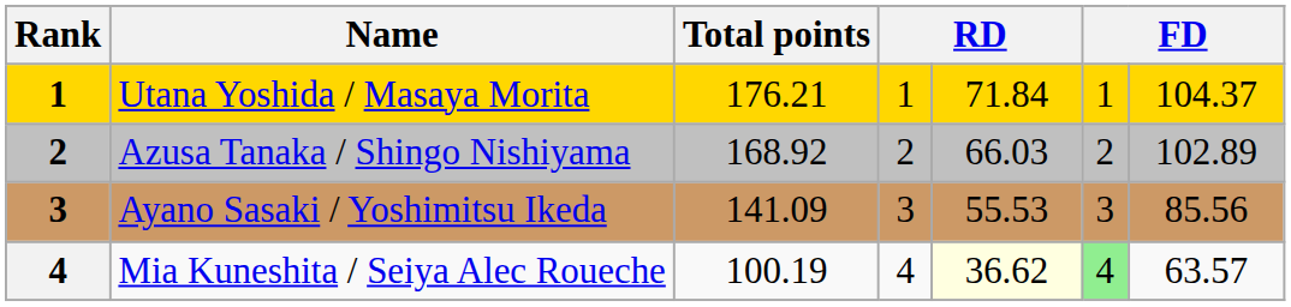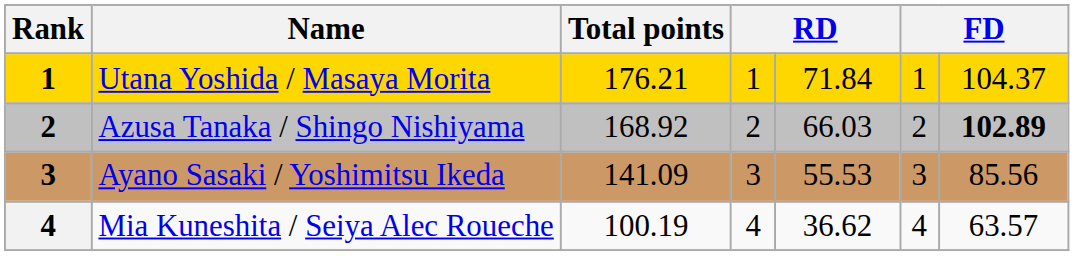 <table class="wikitable sortable">
 <tr>
 <th>Rank</th>
 <th>Name</th>
 <th>Total points</th>
 <th colspan="2" width="80px"><a href='#'>RD</a></th>
 <th colspan="2" width="80px"><a href='#'>FD</a></th>
 </tr>
 <tr bgcolor="gold">
 <td align="center"><strong>1</strong></td>
 <td><a href='#'>Utana Yoshida</a> / <a href='#'>Masaya Morita</a></td>
 <td align="center">176.21</td>
 <td align="center">1</td>
 <td align="center">71.84</td>
 <td align="center">1</td>
 <td align="center">104.37</td>
 </tr>
 <tr bgcolor="silver">
 <td align="center"><strong>2</strong></td>
 <td><a href='#'>Azusa Tanaka</a> / <a href='#'>Shingo Nishiyama</a></td>
 <td align="center">168.92</td>
 <td align="center">2</td>
 <td align="center">66.03</td>
 <td align="center">2</td>
-<td align="center">102.89</td>
+<td align="center"><strong>102.89</strong></td>
 </tr>
 <tr bgcolor="cc9966">
 <td align="center"><strong>3</strong></td>
 <td><a href='#'>Ayano Sasaki</a> / <a href='#'>Yoshimitsu Ikeda</a></td>
 <td align="center">141.09</td>
 <td align="center">3</td>
 <td align="center">55.53</td>
 <td align="center">3</td>
 <td align="center">85.56</td>
 </tr>
 <tr>
 <th>4</th>
 <td><a href='#'>Mia Kuneshita</a> / <a href='#'>Seiya Alec Roueche</a></td>
 <td align="center">100.19</td>
 <td align="center">4</td>
-<td align="center" style="background: lightyellow;">36.62</td>
-<td align="center" style="background: lightgreen;">4</td>
+<td align="center">36.62</td>
+<td align="center">4</td>
 <td align="center">63.57</td>
 </tr>
 </table>
